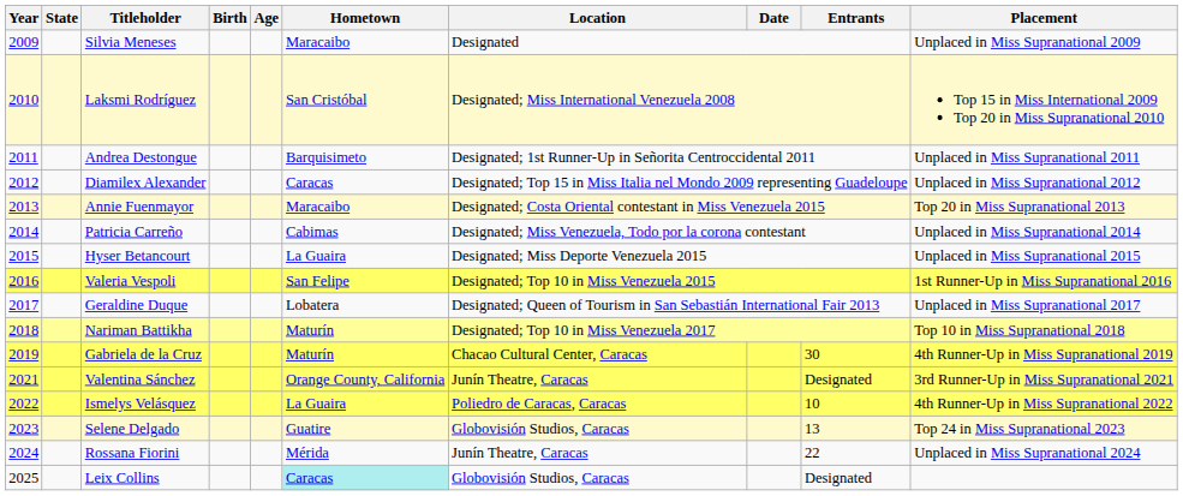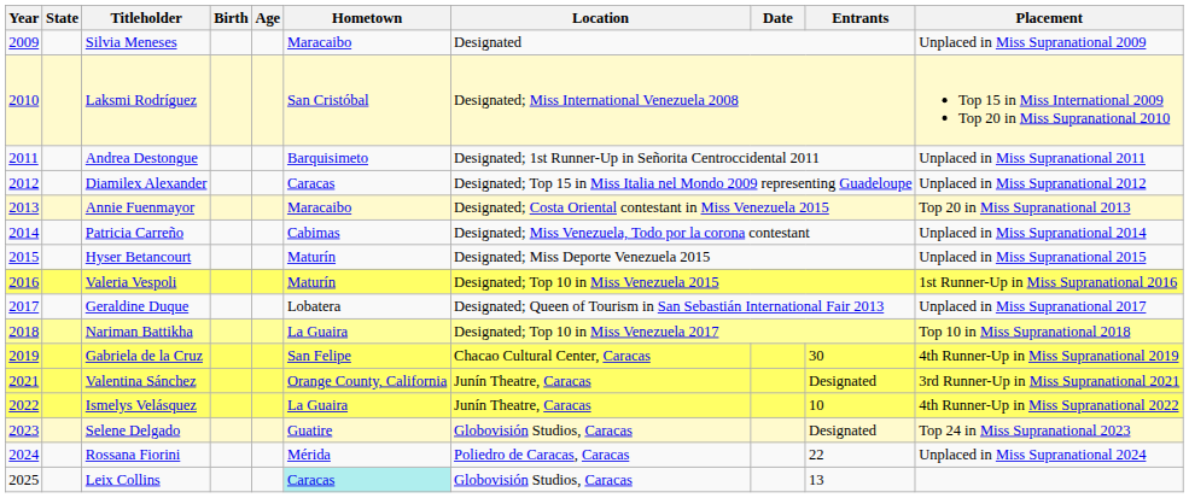 <table class="wikitable sortable" style="font-size: 95%;">
 <tr>
 <th>Year</th>
 <th>State</th>
 <th>Titleholder</th>
 <th>Birth</th>
 <th>Age</th>
 <th>Hometown</th>
 <th>Location</th>
 <th>Date</th>
 <th>Entrants</th>
 <th>Placement</th>
 </tr>
 <tr>
 <td><a href='#'>2009</a></td>
 <td></td>
 <td><a href='#'>Silvia  Meneses</a></td>
 <td></td>
 <td></td>
 <td><a href='#'>Maracaibo</a></td>
 <td colspan="3">Designated</td>
 <td>Unplaced in <a href='#'>Miss Supranational 2009</a></td>
 </tr>
 <tr style="background-color:#FFFACD;">
 <td><a href='#'>2010</a></td>
 <td></td>
 <td><a href='#'>Laksmi Rodríguez</a></td>
 <td></td>
 <td></td>
 <td><a href='#'>San Cristóbal</a></td>
 <td colspan="3">Designated; <a href='#'>Miss International Venezuela 2008</a></td>
 <td><br><ul><li>Top 15 in <a href='#'>Miss International 2009</a></li><li>Top 20 in <a href='#'>Miss Supranational 2010</a></li></ul></td>
 </tr>
 <tr>
 <td><a href='#'>2011</a></td>
 <td></td>
 <td><a href='#'>Andrea Destongue</a></td>
 <td></td>
 <td></td>
 <td><a href='#'>Barquisimeto</a></td>
 <td colspan="3">Designated; 1st Runner-Up in Señorita Centroccidental 2011</td>
 <td>Unplaced in <a href='#'>Miss Supranational 2011</a></td>
 </tr>
 <tr>
 <td><a href='#'>2012</a></td>
 <td></td>
 <td><a href='#'>Diamilex Alexander</a></td>
 <td></td>
 <td></td>
 <td><a href='#'>Caracas</a></td>
 <td colspan="3">Designated; Top 15 in <a href='#'>Miss Italia nel Mondo 2009</a> representing <a href='#'>Guadeloupe</a></td>
 <td>Unplaced in <a href='#'>Miss Supranational 2012</a></td>
 </tr>
 <tr style="background-color:#FFFACD;">
 <td><a href='#'>2013</a></td>
 <td></td>
 <td><a href='#'>Annie Fuenmayor</a></td>
 <td></td>
 <td></td>
 <td><a href='#'>Maracaibo</a></td>
 <td colspan="3">Designated; <a href='#'>Costa Oriental</a> contestant in <a href='#'>Miss Venezuela 2015</a></td>
 <td>Top 20 in <a href='#'>Miss Supranational 2013</a></td>
 </tr>
 <tr>
 <td><a href='#'>2014</a></td>
 <td></td>
 <td><a href='#'>Patricia Carreño</a></td>
 <td></td>
 <td></td>
 <td><a href='#'>Cabimas</a></td>
 <td colspan="3">Designated; <a href='#'>Miss Venezuela, Todo por la corona</a> contestant</td>
 <td>Unplaced in <a href='#'>Miss Supranational 2014</a></td>
 </tr>
 <tr>
 <td><a href='#'>2015</a></td>
 <td></td>
 <td><a href='#'>Hyser Betancourt</a></td>
 <td></td>
 <td></td>
-<td><a href='#'>La Guaira</a></td>
+<td><a href='#'>Maturín</a></td>
 <td colspan="3">Designated; Miss Deporte Venezuela 2015</td>
 <td>Unplaced in <a href='#'>Miss Supranational 2015</a></td>
 </tr>
 <tr style="background-color:#FFFF66;">
 <td><a href='#'>2016</a></td>
 <td></td>
 <td><a href='#'>Valeria Vespoli</a></td>
 <td></td>
 <td></td>
-<td><a href='#'>San Felipe</a></td>
+<td><a href='#'>Maturín</a></td>
 <td colspan="3">Designated; Top 10 in <a href='#'>Miss Venezuela 2015</a></td>
 <td>1st Runner-Up in <a href='#'>Miss Supranational 2016</a></td>
 </tr>
 <tr>
 <td><a href='#'>2017</a></td>
 <td></td>
 <td><a href='#'>Geraldine Duque</a></td>
 <td></td>
 <td></td>
 <td>Lobatera</td>
 <td colspan="3">Designated; Queen of Tourism in <a href='#'>San Sebastián International Fair 2013</a></td>
 <td>Unplaced in <a href='#'>Miss Supranational 2017</a></td>
 </tr>
 <tr style="background-color:#FFFF99;">
 <td><a href='#'>2018</a></td>
 <td></td>
 <td><a href='#'>Nariman Battikha</a></td>
 <td></td>
 <td></td>
-<td><a href='#'>Maturín</a></td>
+<td><a href='#'>La Guaira</a></td>
 <td colspan="3">Designated; Top 10 in <a href='#'>Miss Venezuela 2017</a></td>
 <td>Top 10 in <a href='#'>Miss Supranational 2018</a></td>
 </tr>
 <tr style="background-color:#FFFF66;">
 <td><a href='#'>2019</a></td>
 <td></td>
 <td><a href='#'>Gabriela de la Cruz</a></td>
 <td></td>
 <td></td>
-<td><a href='#'>Maturín</a></td>
+<td><a href='#'>San Felipe</a></td>
 <td>Chacao Cultural Center, <a href='#'>Caracas</a></td>
 <td></td>
 <td>30</td>
 <td>4th Runner-Up in <a href='#'>Miss Supranational 2019</a></td>
 </tr>
 <tr style="background-color:#FFFF66;">
 <td><a href='#'>2021</a></td>
 <td></td>
 <td><a href='#'>Valentina Sánchez</a></td>
 <td></td>
 <td></td>
 <td><a href='#'>Orange County, California</a></td>
 <td>Junín Theatre, <a href='#'>Caracas</a></td>
 <td></td>
 <td>Designated</td>
 <td>3rd Runner-Up in <a href='#'>Miss Supranational 2021</a></td>
 </tr>
 <tr style="background-color:#FFFF66;">
 <td><a href='#'>2022</a></td>
 <td></td>
 <td><a href='#'>Ismelys Velásquez</a></td>
 <td></td>
 <td></td>
 <td><a href='#'>La Guaira</a></td>
-<td><a href='#'>Poliedro de Caracas</a>, <a href='#'>Caracas</a></td>
+<td>Junín Theatre, <a href='#'>Caracas</a></td>
 <td></td>
 <td>10</td>
 <td>4th Runner-Up in <a href='#'>Miss Supranational 2022</a></td>
 </tr>
 <tr style="background-color:#FFFACD;">
 <td><a href='#'>2023</a></td>
 <td></td>
 <td><a href='#'>Selene Delgado</a></td>
 <td></td>
 <td></td>
 <td><a href='#'>Guatire</a></td>
 <td><a href='#'>Globovisión</a> Studios, <a href='#'>Caracas</a></td>
 <td></td>
-<td>13</td>
+<td>Designated</td>
 <td>Top 24 in <a href='#'>Miss Supranational 2023</a></td>
 </tr>
 <tr>
 <td><a href='#'>2024</a></td>
 <td></td>
 <td><a href='#'>Rossana Fiorini</a></td>
 <td></td>
 <td></td>
 <td><a href='#'>Mérida</a></td>
-<td>Junín Theatre, <a href='#'>Caracas</a></td>
+<td><a href='#'>Poliedro de Caracas</a>, <a href='#'>Caracas</a></td>
 <td></td>
 <td>22</td>
 <td>Unplaced in <a href='#'>Miss Supranational 2024</a></td>
 </tr>
 <tr>
 <td>2025</td>
 <td></td>
 <td><a href='#'>Leix Collins</a></td>
 <td></td>
 <td></td>
 <td style="background: paleturquoise;"><a href='#'>Caracas</a></td>
 <td><a href='#'>Globovisión</a> Studios, <a href='#'>Caracas</a></td>
 <td></td>
-<td>Designated</td>
+<td>13</td>
 <td></td>
 </tr>
 </table>
